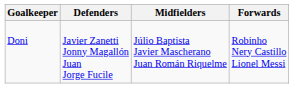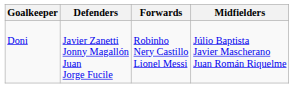 <table class="wikitable" style="mArgin: 0 auto;">
 <tr>
 <th>Goalkeeper</th>
 <th>Defenders</th>
+<th>Forwards</th>
 <th>Midfielders</th>
-<th>Forwards</th>
 </tr>
 <tr>
 <td valign=top><br> <a href='#'>Doni</a></td>
 <td valign=top><br> <a href='#'>Javier Zanetti</a><br>  <a href='#'>Jonny Magallón</a><br>  <a href='#'>Juan</a><br>  <a href='#'>Jorge Fucile</a></td>
+<td valign=top><br> <a href='#'>Robinho</a><br>  <a href='#'>Nery Castillo</a><br>  <a href='#'>Lionel Messi</a></td>
 <td valign=top><br> <a href='#'>Júlio Baptista</a><br>  <a href='#'>Javier Mascherano</a><br>  <a href='#'>Juan Román Riquelme</a></td>
-<td valign=top><br> <a href='#'>Robinho</a><br>  <a href='#'>Nery Castillo</a><br>  <a href='#'>Lionel Messi</a></td>
 </tr>
 </table>
